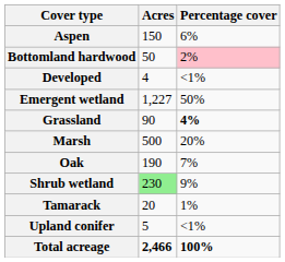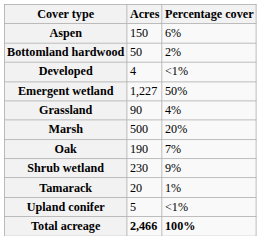 <table class="wikitable" style="margin-left: auto; margin-right: auto; border: none;">
 <tr>
 <th>Cover type</th>
 <th>Acres</th>
 <th>Percentage cover</th>
 </tr>
 <tr>
 <th>Aspen</th>
 <td>150</td>
 <td>6%</td>
 </tr>
 <tr>
 <th>Bottomland hardwood</th>
 <td>50</td>
-<td style="background: pink;">2%</td>
+<td>2%</td>
 </tr>
 <tr>
 <th>Developed</th>
 <td>4</td>
 <td><1%</td>
 </tr>
 <tr>
 <th>Emergent wetland</th>
 <td>1,227</td>
 <td>50%</td>
 </tr>
 <tr>
 <th>Grassland</th>
 <td>90</td>
-<td><strong>4%</strong></td>
+<td>4%</td>
 </tr>
 <tr>
 <th>Marsh</th>
 <td>500</td>
 <td>20%</td>
 </tr>
 <tr>
 <th>Oak</th>
 <td>190</td>
 <td>7%</td>
 </tr>
 <tr>
 <th>Shrub wetland</th>
-<td style="background: lightgreen;">230</td>
+<td>230</td>
 <td>9%</td>
 </tr>
 <tr>
 <th>Tamarack</th>
 <td>20</td>
 <td>1%</td>
 </tr>
 <tr>
 <th>Upland conifer</th>
 <td>5</td>
 <td><1%</td>
 </tr>
 <tr>
 <th>Total acreage</th>
 <td><strong>2,466</strong></td>
 <td><strong>100%</strong></td>
 </tr>
 <tr>
 </tr>
 </table>
